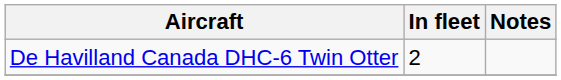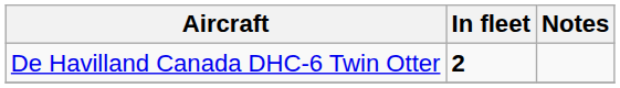 <table class="wikitable" style="margin: 1em auto;">
 <tr>
 <th>Aircraft</th>
 <th>In fleet</th>
 <th>Notes</th>
 </tr>
 <tr>
 <td><a href='#'>De Havilland Canada DHC-6 Twin Otter</a></td>
-<td>2</td>
+<td><strong>2</strong></td>
 <td></td>
 </tr>
 <tr>
 </tr>
 </table>
